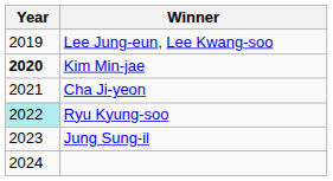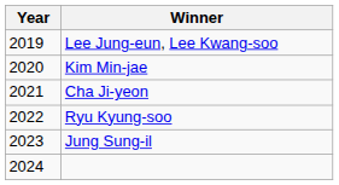 <table class="wikitable">
 <tr align=center>
 <th style="width:50px">Year</th>
 <th style="width:270px">Winner</th>
 </tr>
 <tr>
 <td>2019</td>
 <td><a href='#'>Lee Jung-eun</a>, <a href='#'>Lee Kwang-soo</a></td>
 </tr>
 <tr>
-<td><strong>2020</strong></td>
+<td>2020</td>
 <td><a href='#'>Kim Min-jae</a></td>
 </tr>
 <tr>
 <td>2021</td>
 <td><a href='#'>Cha Ji-yeon</a></td>
 </tr>
 <tr>
-<td style="background: paleturquoise;">2022</td>
+<td>2022</td>
 <td><a href='#'>Ryu Kyung-soo</a></td>
 </tr>
 <tr>
 <td>2023</td>
 <td><a href='#'>Jung Sung-il</a></td>
 </tr>
 <tr>
 <td>2024</td>
 <td></td>
 </tr>
 </table>
